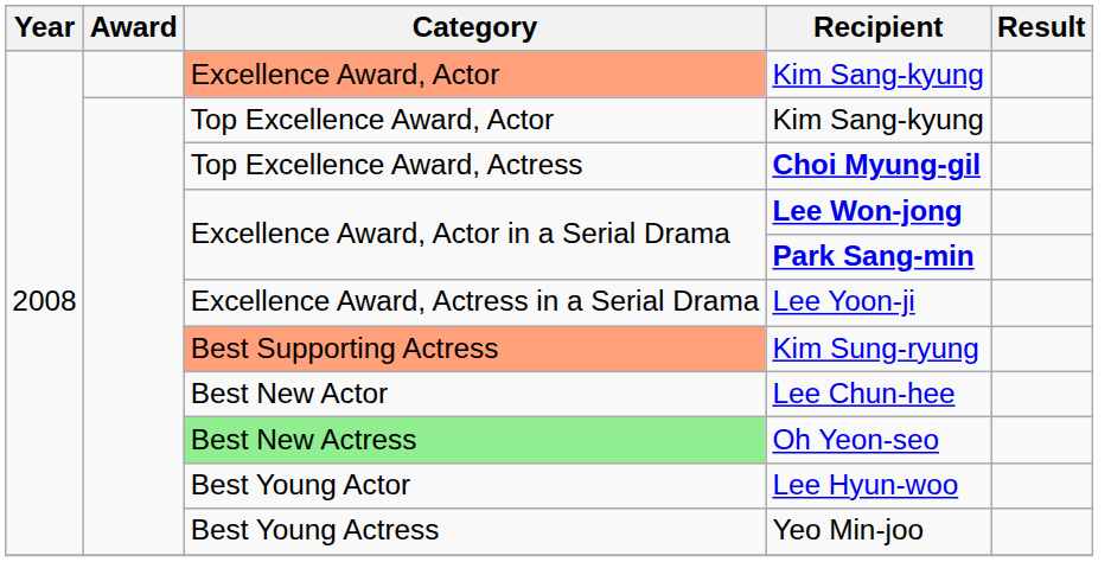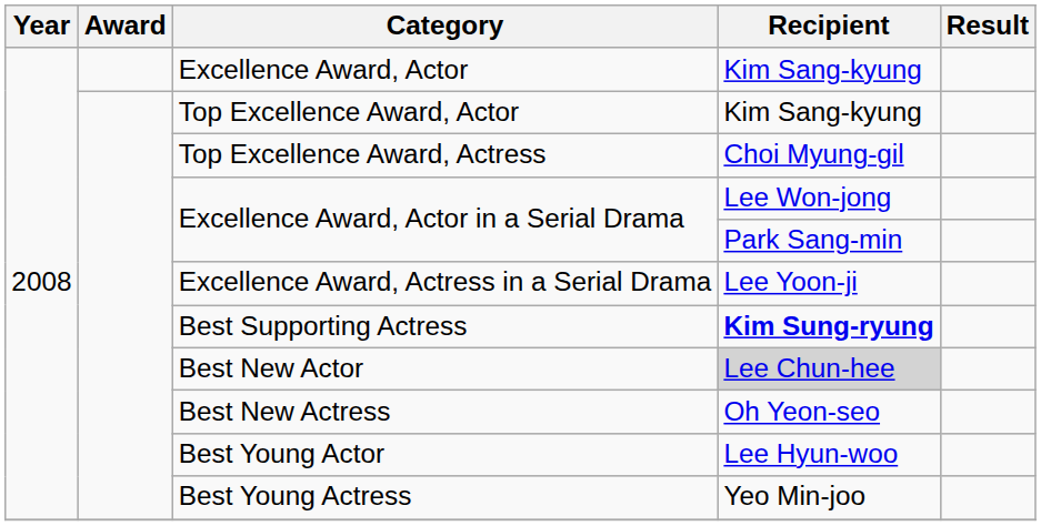 <table class="wikitable">
 <tr>
 <th>Year</th>
 <th>Award</th>
 <th>Category</th>
 <th>Recipient</th>
 <th>Result</th>
 </tr>
 <tr>
 <td rowspan="11">2008</td>
 <td></td>
-<td style="background: lightsalmon;">Excellence Award, Actor</td>
+<td>Excellence Award, Actor</td>
 <td><a href='#'>Kim Sang-kyung</a></td>
 <td></td>
 </tr>
 <tr>
 <td rowspan="10"></td>
 <td>Top Excellence Award, Actor</td>
 <td>Kim Sang-kyung</td>
 <td></td>
 </tr>
 <tr>
 <td>Top Excellence Award, Actress</td>
-<td><strong><a href='#'>Choi Myung-gil</a></strong></td>
+<td><a href='#'>Choi Myung-gil</a></td>
 <td></td>
 </tr>
 <tr>
 <td rowspan="2">Excellence Award, Actor in a Serial Drama</td>
-<td><strong><a href='#'>Lee Won-jong</a></strong></td>
+<td><a href='#'>Lee Won-jong</a></td>
 <td></td>
 </tr>
 <tr>
-<td><strong><a href='#'>Park Sang-min</a></strong></td>
+<td><a href='#'>Park Sang-min</a></td>
 <td></td>
 </tr>
 <tr>
 <td>Excellence Award, Actress in a Serial Drama</td>
 <td><a href='#'>Lee Yoon-ji</a></td>
 <td></td>
 </tr>
 <tr>
-<td style="background: lightsalmon;">Best Supporting Actress</td>
-<td><a href='#'>Kim Sung-ryung</a></td>
+<td>Best Supporting Actress</td>
+<td><strong><a href='#'>Kim Sung-ryung</a></strong></td>
 <td></td>
 </tr>
 <tr>
 <td>Best New Actor</td>
-<td><a href='#'>Lee Chun-hee</a></td>
+<td style="background: lightgrey;"><a href='#'>Lee Chun-hee</a></td>
 <td></td>
 </tr>
 <tr>
-<td style="background: lightgreen;">Best New Actress</td>
+<td>Best New Actress</td>
 <td><a href='#'>Oh Yeon-seo</a></td>
 <td></td>
 </tr>
 <tr>
 <td>Best Young Actor</td>
 <td><a href='#'>Lee Hyun-woo</a></td>
 <td></td>
 </tr>
 <tr>
 <td>Best Young Actress</td>
 <td>Yeo Min-joo</td>
 <td></td>
 </tr>
 <tr>
 </tr>
 </table>
